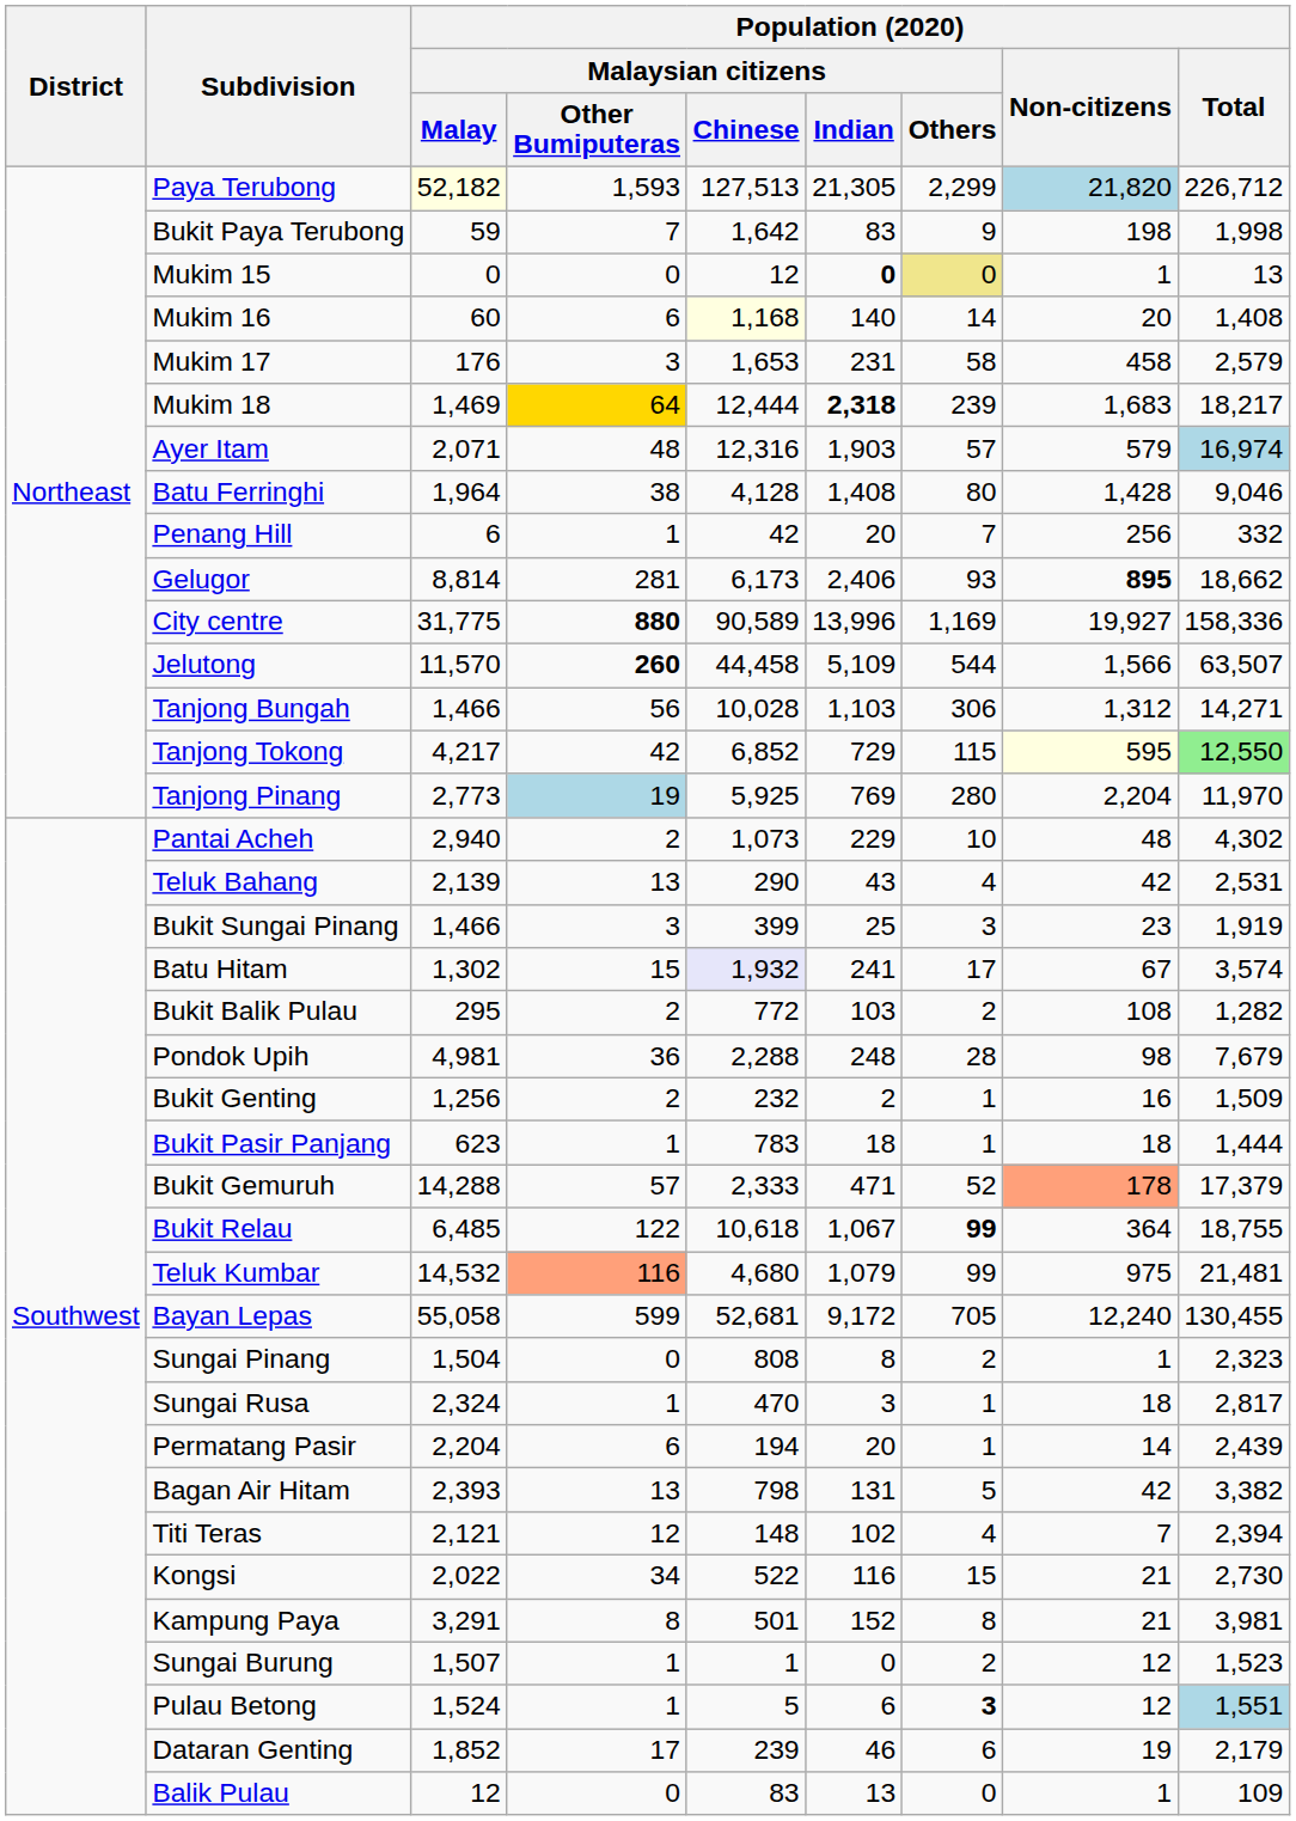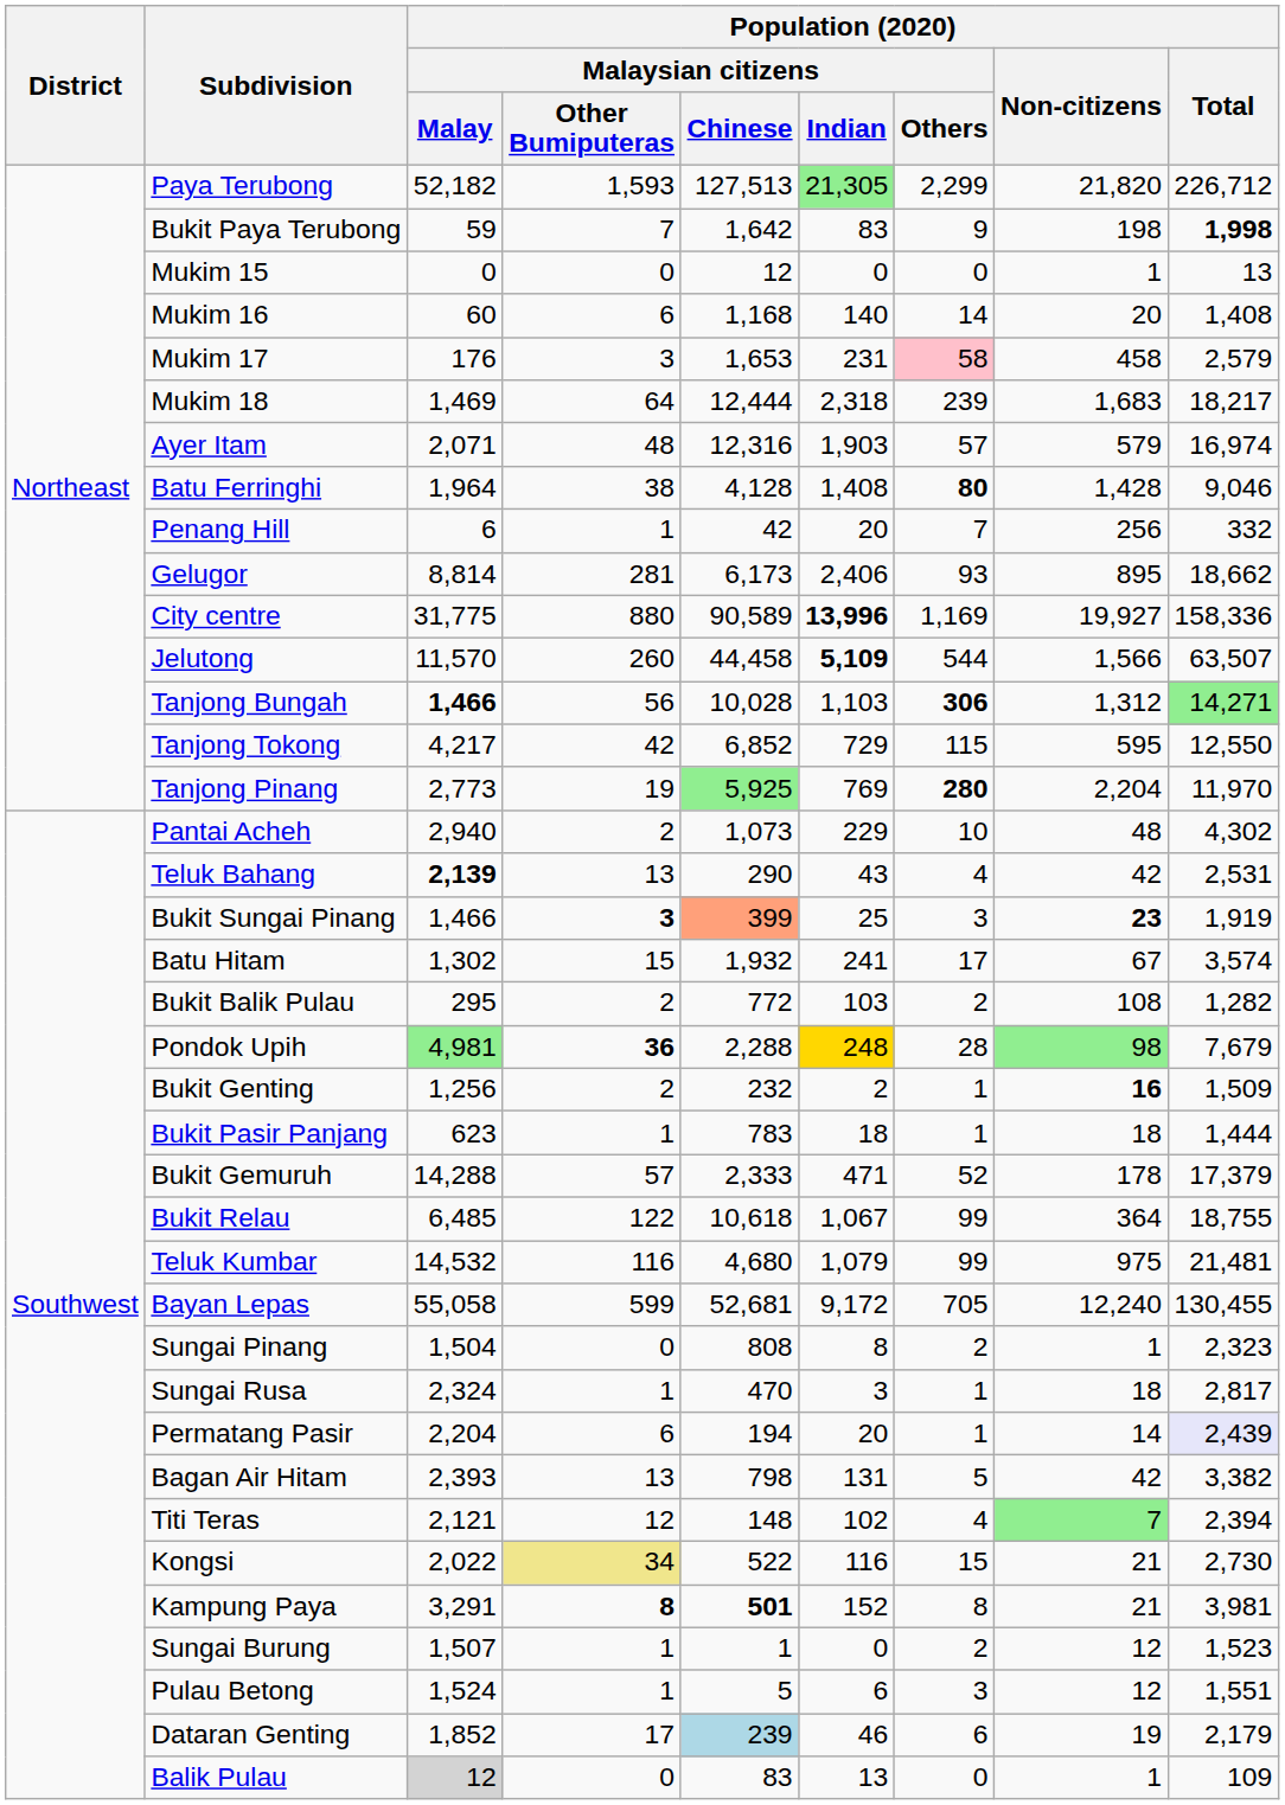 <table class="wikitable sortable mw-collapsible">
 <tr>
 <th rowspan="3">District</th>
 <th rowspan="3">Subdivision</th>
 <th colspan="7">Population (2020)</th>
 </tr>
 <tr>
 <th colspan="5">Malaysian citizens</th>
 <th rowspan="2">Non-citizens</th>
 <th rowspan="2">Total</th>
 </tr>
 <tr>
 <th><a href='#'>Malay</a></th>
 <th>Other<br><a href='#'>Bumiputeras</a></th>
 <th><a href='#'>Chinese</a></th>
 <th><a href='#'>Indian</a></th>
 <th>Others</th>
 </tr>
 <tr>
 <td rowspan="15"><a href='#'>Northeast</a></td>
 <td><a href='#'>Paya Terubong</a></td>
-<td align="right" style="background: lightyellow;">52,182</td>
+<td align="right">52,182</td>
 <td align="right">1,593</td>
 <td align="right">127,513</td>
-<td align="right">21,305</td>
+<td align="right" style="background: lightgreen;">21,305</td>
 <td align="right">2,299</td>
-<td align="right" style="background: lightblue;">21,820</td>
+<td align="right">21,820</td>
 <td align="right">226,712</td>
 </tr>
 <tr>
 <td>Bukit Paya Terubong</td>
 <td align="right">59</td>
 <td align="right">7</td>
 <td align="right">1,642</td>
 <td align="right">83</td>
 <td align="right">9</td>
 <td align="right">198</td>
-<td align="right">1,998</td>
+<td align="right"><strong>1,998</strong></td>
 </tr>
 <tr>
 <td>Mukim 15</td>
 <td align="right">0</td>
 <td align="right">0</td>
 <td align="right">12</td>
-<td align="right"><strong>0</strong></td>
-<td align="right" style="background: khaki;">0</td>
+<td align="right">0</td>
+<td align="right">0</td>
 <td align="right">1</td>
 <td align="right">13</td>
 </tr>
 <tr>
 <td>Mukim 16</td>
 <td align="right">60</td>
 <td align="right">6</td>
-<td align="right" style="background: lightyellow;">1,168</td>
+<td align="right">1,168</td>
 <td align="right">140</td>
 <td align="right">14</td>
 <td align="right">20</td>
 <td align="right">1,408</td>
 </tr>
 <tr>
 <td>Mukim 17</td>
 <td align="right">176</td>
 <td align="right">3</td>
 <td align="right">1,653</td>
 <td align="right">231</td>
-<td align="right">58</td>
+<td align="right" style="background: pink;">58</td>
 <td align="right">458</td>
 <td align="right">2,579</td>
 </tr>
 <tr>
 <td>Mukim 18</td>
 <td align="right">1,469</td>
-<td align="right" style="background: gold;">64</td>
+<td align="right">64</td>
 <td align="right">12,444</td>
-<td align="right"><strong>2,318</strong></td>
+<td align="right">2,318</td>
 <td align="right">239</td>
 <td align="right">1,683</td>
 <td align="right">18,217</td>
 </tr>
 <tr>
 <td><a href='#'>Ayer Itam</a></td>
 <td align="right">2,071</td>
 <td align="right">48</td>
 <td align="right">12,316</td>
 <td align="right">1,903</td>
 <td align="right">57</td>
 <td align="right">579</td>
-<td align="right" style="background: lightblue;">16,974</td>
+<td align="right">16,974</td>
 </tr>
 <tr>
 <td><a href='#'>Batu Ferringhi</a></td>
 <td align="right">1,964</td>
 <td align="right">38</td>
 <td align="right">4,128</td>
 <td align="right">1,408</td>
-<td align="right">80</td>
+<td align="right"><strong>80</strong></td>
 <td align="right">1,428</td>
 <td align="right">9,046</td>
 </tr>
 <tr>
 <td><a href='#'>Penang Hill</a></td>
 <td align="right">6</td>
 <td align="right">1</td>
 <td align="right">42</td>
 <td align="right">20</td>
 <td align="right">7</td>
 <td align="right">256</td>
 <td align="right">332</td>
 </tr>
 <tr>
 <td><a href='#'>Gelugor</a></td>
 <td align="right">8,814</td>
 <td align="right">281</td>
 <td align="right">6,173</td>
 <td align="right">2,406</td>
 <td align="right">93</td>
-<td align="right"><strong>895</strong></td>
+<td align="right">895</td>
 <td align="right">18,662</td>
 </tr>
 <tr>
 <td><a href='#'>City centre</a></td>
 <td align="right">31,775</td>
-<td align="right"><strong>880</strong></td>
+<td align="right">880</td>
 <td align="right">90,589</td>
-<td align="right">13,996</td>
+<td align="right"><strong>13,996</strong></td>
 <td align="right">1,169</td>
 <td align="right">19,927</td>
 <td align="right">158,336</td>
 </tr>
 <tr>
 <td><a href='#'>Jelutong</a></td>
 <td align="right">11,570</td>
-<td align="right"><strong>260</strong></td>
+<td align="right">260</td>
 <td align="right">44,458</td>
-<td align="right">5,109</td>
+<td align="right"><strong>5,109</strong></td>
 <td align="right">544</td>
 <td align="right">1,566</td>
 <td align="right">63,507</td>
 </tr>
 <tr>
 <td><a href='#'>Tanjong Bungah</a></td>
-<td align="right">1,466</td>
+<td align="right"><strong>1,466</strong></td>
 <td align="right">56</td>
 <td align="right">10,028</td>
 <td align="right">1,103</td>
-<td align="right">306</td>
+<td align="right"><strong>306</strong></td>
 <td align="right">1,312</td>
-<td align="right">14,271</td>
+<td align="right" style="background: lightgreen;">14,271</td>
 </tr>
 <tr>
 <td><a href='#'>Tanjong Tokong</a></td>
 <td align="right">4,217</td>
 <td align="right">42</td>
 <td align="right">6,852</td>
 <td align="right">729</td>
 <td align="right">115</td>
-<td align="right" style="background: lightyellow;">595</td>
-<td align="right" style="background: lightgreen;">12,550</td>
+<td align="right">595</td>
+<td align="right">12,550</td>
 </tr>
 <tr>
 <td><a href='#'>Tanjong Pinang</a></td>
 <td align="right">2,773</td>
-<td align="right" style="background: lightblue;">19</td>
-<td align="right">5,925</td>
+<td align="right">19</td>
+<td align="right" style="background: lightgreen;">5,925</td>
 <td align="right">769</td>
-<td align="right">280</td>
+<td align="right"><strong>280</strong></td>
 <td align="right">2,204</td>
 <td align="right">11,970</td>
 </tr>
 <tr>
 <td rowspan="23"><a href='#'>Southwest</a></td>
 <td><a href='#'>Pantai Acheh</a></td>
 <td align="right">2,940</td>
 <td align="right">2</td>
 <td align="right">1,073</td>
 <td align="right">229</td>
 <td align="right">10</td>
 <td align="right">48</td>
 <td align="right">4,302</td>
 </tr>
 <tr>
 <td><a href='#'>Teluk Bahang</a></td>
-<td align="right">2,139</td>
+<td align="right"><strong>2,139</strong></td>
 <td align="right">13</td>
 <td align="right">290</td>
 <td align="right">43</td>
 <td align="right">4</td>
 <td align="right">42</td>
 <td align="right">2,531</td>
 </tr>
 <tr>
 <td>Bukit Sungai Pinang</td>
 <td align="right">1,466</td>
-<td align="right">3</td>
-<td align="right">399</td>
+<td align="right"><strong>3</strong></td>
+<td align="right" style="background: lightsalmon;">399</td>
 <td align="right">25</td>
 <td align="right">3</td>
-<td align="right">23</td>
+<td align="right"><strong>23</strong></td>
 <td align="right">1,919</td>
 </tr>
 <tr>
 <td>Batu Hitam</td>
 <td align="right">1,302</td>
 <td align="right">15</td>
-<td align="right" style="background: lavender;">1,932</td>
+<td align="right">1,932</td>
 <td align="right">241</td>
 <td align="right">17</td>
 <td align="right">67</td>
 <td align="right">3,574</td>
 </tr>
 <tr>
 <td>Bukit Balik Pulau</td>
 <td align="right">295</td>
 <td align="right">2</td>
 <td align="right">772</td>
 <td align="right">103</td>
 <td align="right">2</td>
 <td align="right">108</td>
 <td align="right">1,282</td>
 </tr>
 <tr>
 <td>Pondok Upih</td>
-<td align="right">4,981</td>
-<td align="right">36</td>
+<td align="right" style="background: lightgreen;">4,981</td>
+<td align="right"><strong>36</strong></td>
 <td align="right">2,288</td>
-<td align="right">248</td>
+<td align="right" style="background: gold;">248</td>
 <td align="right">28</td>
-<td align="right">98</td>
+<td align="right" style="background: lightgreen;">98</td>
 <td align="right">7,679</td>
 </tr>
 <tr>
 <td>Bukit Genting</td>
 <td align="right">1,256</td>
 <td align="right">2</td>
 <td align="right">232</td>
 <td align="right">2</td>
 <td align="right">1</td>
-<td align="right">16</td>
+<td align="right"><strong>16</strong></td>
 <td align="right">1,509</td>
 </tr>
 <tr>
 <td><a href='#'>Bukit Pasir Panjang</a></td>
 <td align="right">623</td>
 <td align="right">1</td>
 <td align="right">783</td>
 <td align="right">18</td>
 <td align="right">1</td>
 <td align="right">18</td>
 <td align="right">1,444</td>
 </tr>
 <tr>
 <td>Bukit Gemuruh</td>
 <td align="right">14,288</td>
 <td align="right">57</td>
 <td align="right">2,333</td>
 <td align="right">471</td>
 <td align="right">52</td>
-<td align="right" style="background: lightsalmon;">178</td>
+<td align="right">178</td>
 <td align="right">17,379</td>
 </tr>
 <tr>
 <td><a href='#'>Bukit Relau</a></td>
 <td align="right">6,485</td>
 <td align="right">122</td>
 <td align="right">10,618</td>
 <td align="right">1,067</td>
-<td align="right"><strong>99</strong></td>
+<td align="right">99</td>
 <td align="right">364</td>
 <td align="right">18,755</td>
 </tr>
 <tr>
 <td><a href='#'>Teluk Kumbar</a></td>
 <td align="right">14,532</td>
-<td align="right" style="background: lightsalmon;">116</td>
+<td align="right">116</td>
 <td align="right">4,680</td>
 <td align="right">1,079</td>
 <td align="right">99</td>
 <td align="right">975</td>
 <td align="right">21,481</td>
 </tr>
 <tr>
 <td><a href='#'>Bayan Lepas</a></td>
 <td align="right">55,058</td>
 <td align="right">599</td>
 <td align="right">52,681</td>
 <td align="right">9,172</td>
 <td align="right">705</td>
 <td align="right">12,240</td>
 <td align="right">130,455</td>
 </tr>
 <tr>
 <td>Sungai Pinang</td>
 <td align="right">1,504</td>
 <td align="right">0</td>
 <td align="right">808</td>
 <td align="right">8</td>
 <td align="right">2</td>
 <td align="right">1</td>
 <td align="right">2,323</td>
 </tr>
 <tr>
 <td>Sungai Rusa</td>
 <td align="right">2,324</td>
 <td align="right">1</td>
 <td align="right">470</td>
 <td align="right">3</td>
 <td align="right">1</td>
 <td align="right">18</td>
 <td align="right">2,817</td>
 </tr>
 <tr>
 <td>Permatang Pasir</td>
 <td align="right">2,204</td>
 <td align="right">6</td>
 <td align="right">194</td>
 <td align="right">20</td>
 <td align="right">1</td>
 <td align="right">14</td>
-<td align="right">2,439</td>
+<td align="right" style="background: lavender;">2,439</td>
 </tr>
 <tr>
 <td>Bagan Air Hitam</td>
 <td align="right">2,393</td>
 <td align="right">13</td>
 <td align="right">798</td>
 <td align="right">131</td>
 <td align="right">5</td>
 <td align="right">42</td>
 <td align="right">3,382</td>
 </tr>
 <tr>
 <td>Titi Teras</td>
 <td align="right">2,121</td>
 <td align="right">12</td>
 <td align="right">148</td>
 <td align="right">102</td>
 <td align="right">4</td>
-<td align="right">7</td>
+<td align="right" style="background: lightgreen;">7</td>
 <td align="right">2,394</td>
 </tr>
 <tr>
 <td>Kongsi</td>
 <td align="right">2,022</td>
-<td align="right">34</td>
+<td align="right" style="background: khaki;">34</td>
 <td align="right">522</td>
 <td align="right">116</td>
 <td align="right">15</td>
 <td align="right">21</td>
 <td align="right">2,730</td>
 </tr>
 <tr>
 <td>Kampung Paya</td>
 <td align="right">3,291</td>
-<td align="right">8</td>
-<td align="right">501</td>
+<td align="right"><strong>8</strong></td>
+<td align="right"><strong>501</strong></td>
 <td align="right">152</td>
 <td align="right">8</td>
 <td align="right">21</td>
 <td align="right">3,981</td>
 </tr>
 <tr>
 <td>Sungai Burung</td>
 <td align="right">1,507</td>
 <td align="right">1</td>
 <td align="right">1</td>
 <td align="right">0</td>
 <td align="right">2</td>
 <td align="right">12</td>
 <td align="right">1,523</td>
 </tr>
 <tr>
 <td>Pulau Betong</td>
 <td align="right">1,524</td>
 <td align="right">1</td>
 <td align="right">5</td>
 <td align="right">6</td>
-<td align="right"><strong>3</strong></td>
+<td align="right">3</td>
 <td align="right">12</td>
-<td align="right" style="background: lightblue;">1,551</td>
+<td align="right">1,551</td>
 </tr>
 <tr>
 <td>Dataran Genting</td>
 <td align="right">1,852</td>
 <td align="right">17</td>
-<td align="right">239</td>
+<td align="right" style="background: lightblue;">239</td>
 <td align="right">46</td>
 <td align="right">6</td>
 <td align="right">19</td>
 <td align="right">2,179</td>
 </tr>
 <tr>
 <td><a href='#'>Balik Pulau</a></td>
-<td align="right">12</td>
+<td align="right" style="background: lightgrey;">12</td>
 <td align="right">0</td>
 <td align="right">83</td>
 <td align="right">13</td>
 <td align="right">0</td>
 <td align="right">1</td>
 <td align="right">109</td>
 </tr>
 </table>
